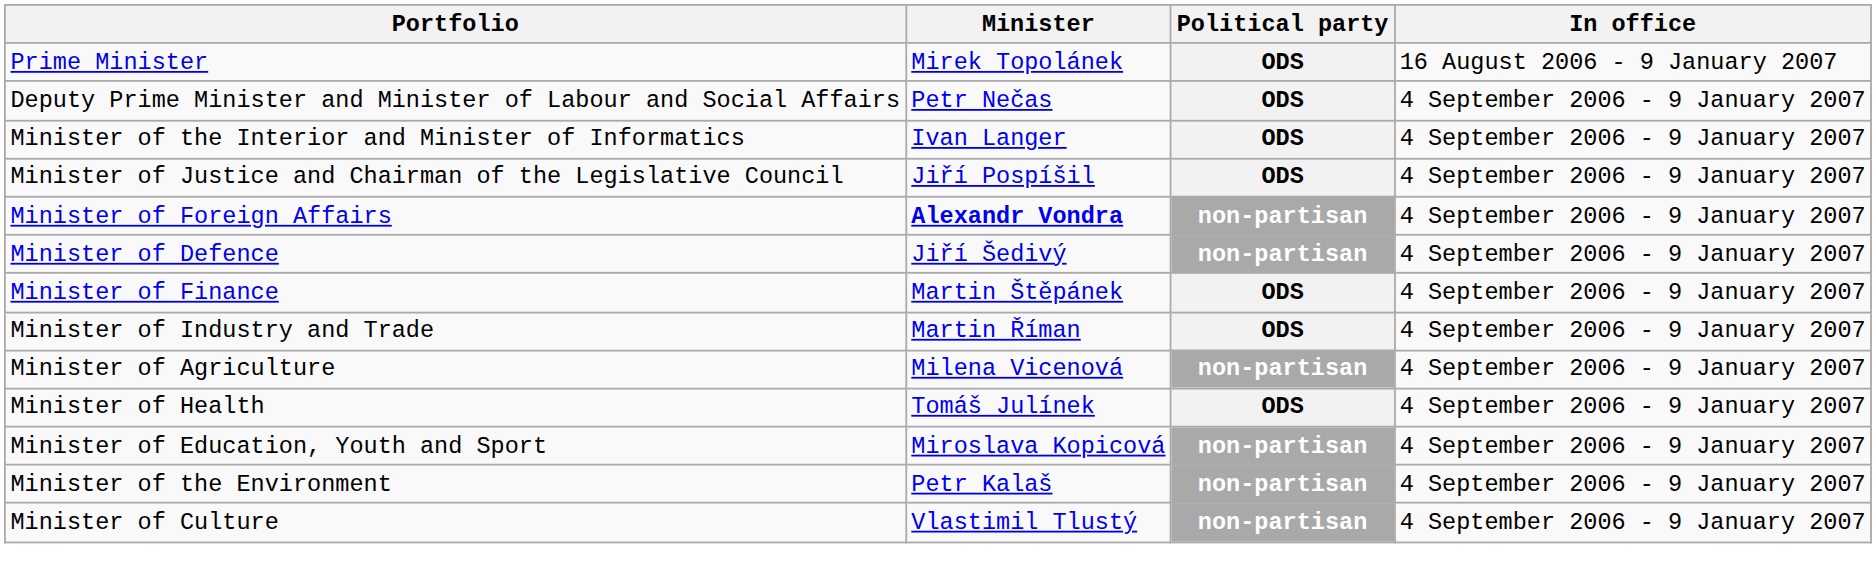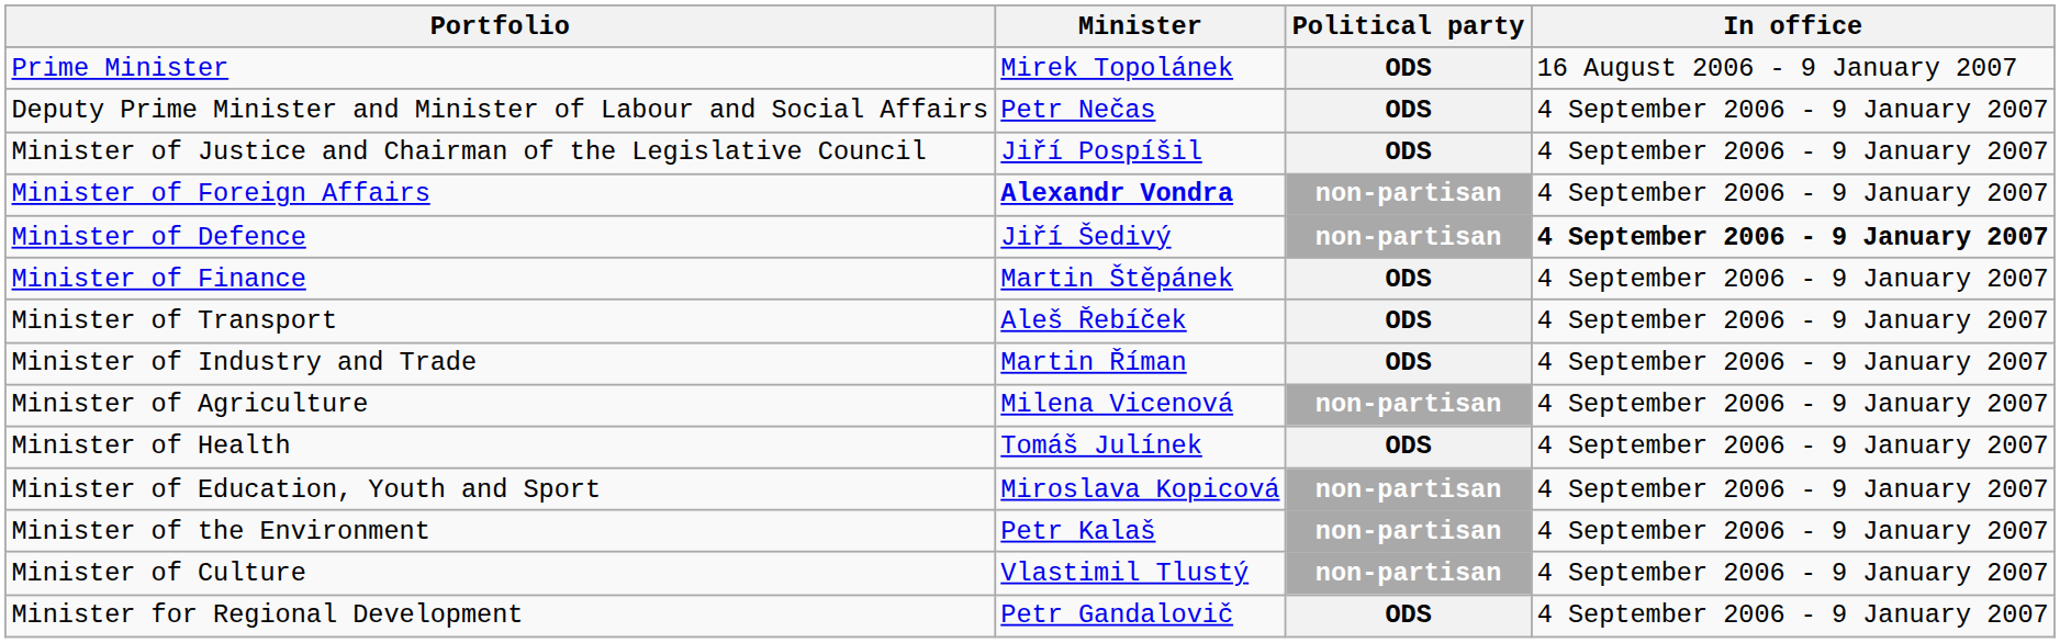 <table class="wikitable">
 <tr>
 <th>Portfolio</th>
 <th>Minister</th>
 <th>Political party</th>
 <th>In office</th>
 </tr>
 <tr>
 <td><a href='#'>Prime Minister</a></td>
 <td><a href='#'>Mirek Topolánek</a></td>
 <th style="background-color:">ODS</th>
 <td>16 August 2006 - 9 January 2007</td>
 </tr>
 <tr>
 <td>Deputy Prime Minister and Minister of Labour and Social Affairs</td>
 <td><a href='#'>Petr Nečas</a></td>
 <th style="background-color:">ODS</th>
 <td>4 September 2006 - 9 January 2007</td>
 </tr>
 <tr>
-<td>Minister of the Interior and Minister of Informatics</td>
-<td><a href='#'>Ivan Langer</a></td>
-<th style="background-color:">ODS</th>
-<td>4 September 2006 - 9 January 2007</td>
-</tr>
-<tr>
 <td>Minister of Justice and Chairman of the Legislative Council</td>
 <td><a href='#'>Jiří Pospíšil</a></td>
 <th style="background-color:">ODS</th>
 <td>4 September 2006 - 9 January 2007</td>
 </tr>
 <tr>
 <td><a href='#'>Minister of Foreign Affairs</a></td>
 <td><strong><a href='#'>Alexandr Vondra</a></strong></td>
 <th style="background-color:#A9A9A9; color:white">non-partisan</th>
 <td>4 September 2006 - 9 January 2007</td>
 </tr>
 <tr>
 <td><a href='#'>Minister of Defence</a></td>
 <td><a href='#'>Jiří Šedivý</a></td>
 <th style="background-color:#A9A9A9; color:white">non-partisan</th>
-<td>4 September 2006 - 9 January 2007</td>
+<td><strong>4 September 2006 - 9 January 2007</strong></td>
 </tr>
 <tr>
 <td><a href='#'>Minister of Finance</a></td>
 <td><a href='#'>Martin Štěpánek</a></td>
+<th style="background-color:">ODS</th>
+<td>4 September 2006 - 9 January 2007</td>
+</tr>
+<tr>
+<td>Minister of Transport</td>
+<td><a href='#'>Aleš Řebíček</a></td>
 <th style="background-color:">ODS</th>
 <td>4 September 2006 - 9 January 2007</td>
 </tr>
 <tr>
 <td>Minister of Industry and Trade</td>
 <td><a href='#'>Martin Říman</a></td>
 <th style="background-color:">ODS</th>
 <td>4 September 2006 - 9 January 2007</td>
 </tr>
 <tr>
 <td>Minister of Agriculture</td>
 <td><a href='#'>Milena Vicenová</a></td>
 <th style="background-color:#A9A9A9; color:white">non-partisan</th>
 <td>4 September 2006 - 9 January 2007</td>
 </tr>
 <tr>
 <td>Minister of Health</td>
 <td><a href='#'>Tomáš Julínek</a></td>
 <th style="background-color:">ODS</th>
 <td>4 September 2006 - 9 January 2007</td>
 </tr>
 <tr>
 <td>Minister of Education, Youth and Sport</td>
 <td><a href='#'>Miroslava Kopicová</a></td>
 <th style="background-color:#A9A9A9; color:white">non-partisan</th>
 <td>4 September 2006 - 9 January 2007</td>
 </tr>
 <tr>
 <td>Minister of the Environment</td>
 <td><a href='#'>Petr Kalaš</a></td>
 <th style="background-color:#A9A9A9; color:white">non-partisan</th>
 <td>4 September 2006 - 9 January 2007</td>
 </tr>
 <tr>
 <td>Minister of Culture</td>
 <td><a href='#'>Vlastimil Tlustý</a></td>
 <th style="background-color:#A9A9A9; color:white">non-partisan</th>
 <td>4 September 2006 - 9 January 2007</td>
 </tr>
+<tr>
+<td>Minister for Regional Development</td>
+<td><a href='#'>Petr Gandalovič</a></td>
+<th style="background-color:">ODS</th>
+<td>4 September 2006 - 9 January 2007</td>
+</tr>
 </table>
